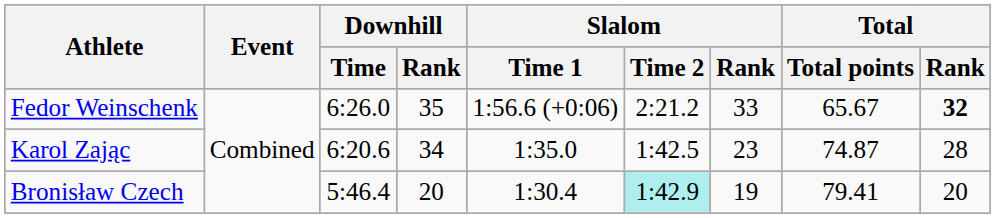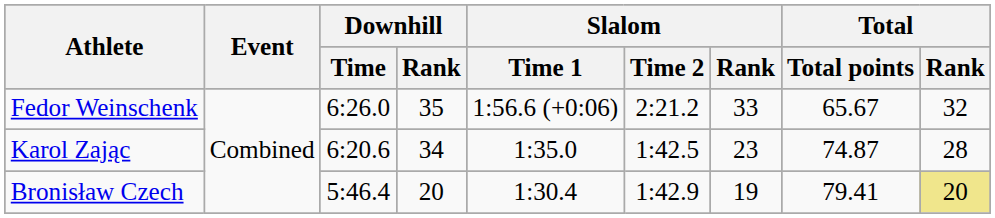 <table class="wikitable" style="font-size:90%">
 <tr>
 <th rowspan="2">Athlete</th>
 <th rowspan="2">Event</th>
 <th colspan="2">Downhill</th>
 <th colspan="3">Slalom</th>
 <th colspan="2">Total</th>
 </tr>
 <tr>
 <th>Time</th>
 <th>Rank</th>
 <th>Time 1</th>
 <th>Time 2</th>
 <th>Rank</th>
 <th>Total points</th>
 <th>Rank</th>
 </tr>
 <tr>
 <td><a href='#'>Fedor Weinschenk</a></td>
 <td rowspan="3">Combined</td>
 <td align="center">6:26.0</td>
 <td align="center">35</td>
 <td align="center">1:56.6 (+0:06)</td>
 <td align="center">2:21.2</td>
 <td align="center">33</td>
 <td align="center">65.67</td>
-<td align="center"><strong>32</strong></td>
+<td align="center">32</td>
 </tr>
 <tr>
 <td><a href='#'>Karol Zając</a></td>
 <td align="center">6:20.6</td>
 <td align="center">34</td>
 <td align="center">1:35.0</td>
 <td align="center">1:42.5</td>
 <td align="center">23</td>
 <td align="center">74.87</td>
 <td align="center">28</td>
 </tr>
 <tr>
 <td><a href='#'>Bronisław Czech</a></td>
 <td align="center">5:46.4</td>
 <td align="center">20</td>
 <td align="center">1:30.4</td>
-<td align="center" style="background: paleturquoise;">1:42.9</td>
+<td align="center">1:42.9</td>
 <td align="center">19</td>
 <td align="center">79.41</td>
-<td align="center">20</td>
+<td align="center" style="background: khaki;">20</td>
 </tr>
 </table>
